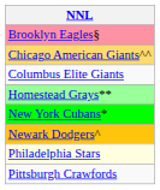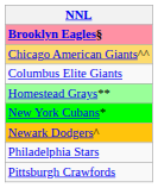 <table class="wikitable" style="font-size:100%;line-height:1.1;">
 <tr>
 <th><a href='#'>NNL</a></th>
 </tr>
 <tr>
-<td style="background-color: #FF91A4;"><a href='#'>Brooklyn Eagles</a>§</td>
+<td style="background-color: #FF91A4;"><strong><a href='#'>Brooklyn Eagles</a>§</strong></td>
 </tr>
 <tr>
 <td style="background-color: #FDDB6D;"><a href='#'>Chicago American Giants</a>^^</td>
 </tr>
 <tr>
 <td><a href='#'>Columbus Elite Giants</a></td>
 </tr>
 <tr>
 <td style="background-color: #99FF99;"><a href='#'>Homestead Grays</a>**</td>
 </tr>
 <tr>
 <td style="background-color: #00FF00;"><a href='#'>New York Cubans</a>*</td>
 </tr>
 <tr>
 <td style="background-color: #FFC40C;"><a href='#'>Newark Dodgers</a>^</td>
 </tr>
 <tr>
-<td style="background: lightyellow;"><a href='#'>Philadelphia Stars</a></td>
+<td><a href='#'>Philadelphia Stars</a></td>
 </tr>
 <tr>
 <td><a href='#'>Pittsburgh Crawfords</a></td>
 </tr>
 </table>
